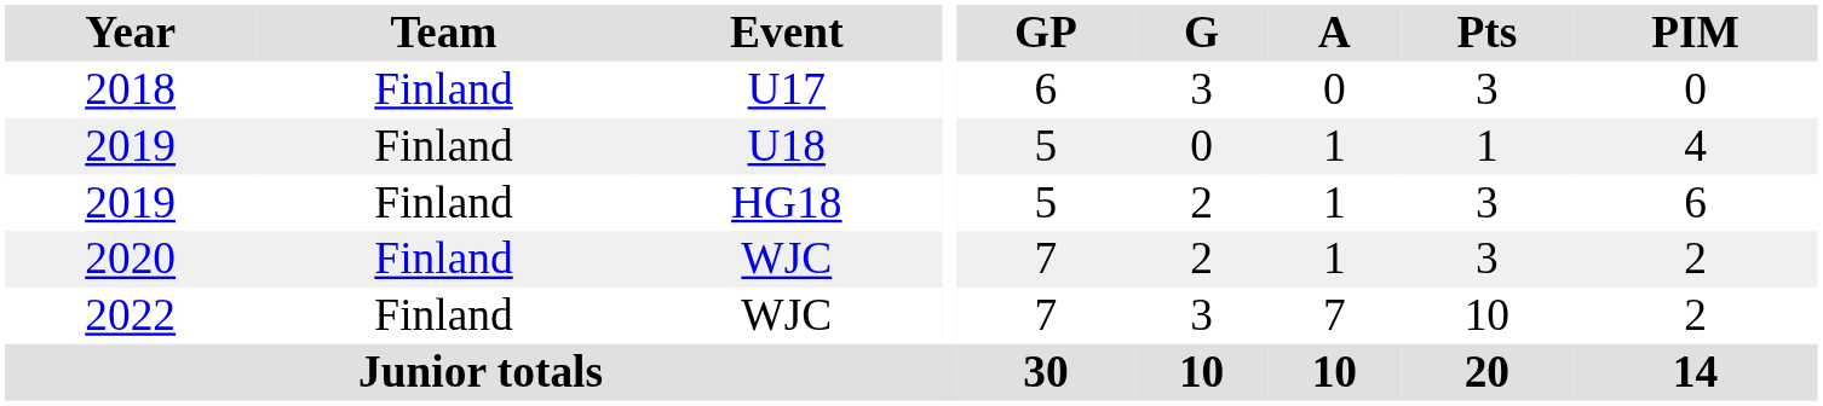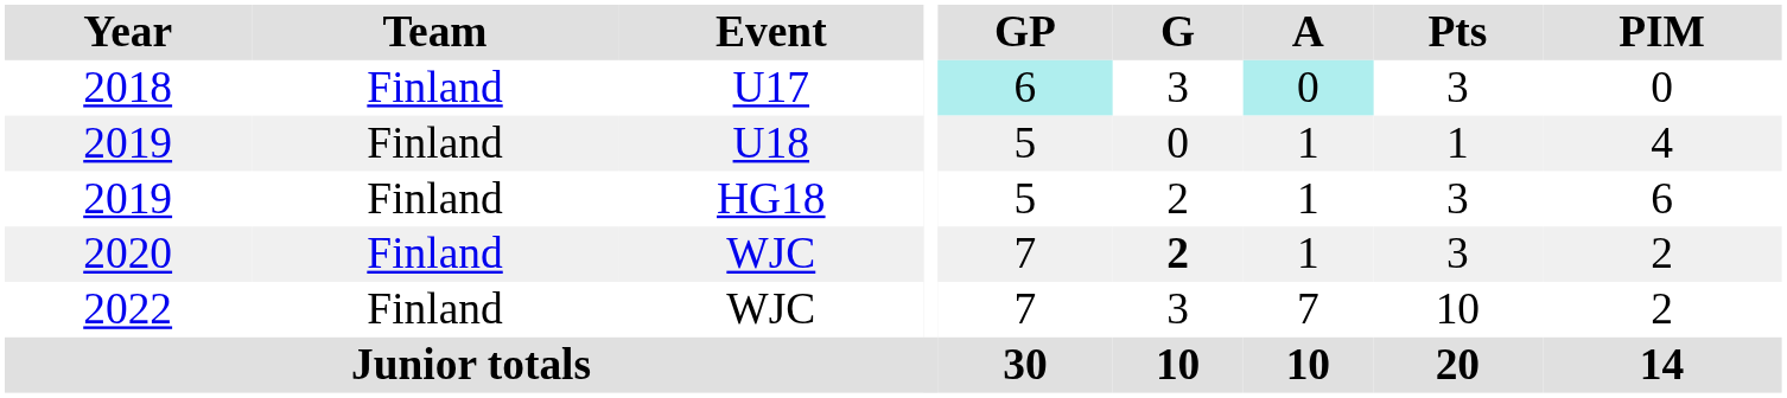 <table border="0" cellpadding="1" cellspacing="0" ID="Table3" style="text-align:center; width:40em">
 <tr bgcolor="#e0e0e0">
 <th>Year</th>
 <th>Team</th>
 <th>Event</th>
 <th rowspan="102" bgcolor="#ffffff"></th>
 <th>GP</th>
 <th>G</th>
 <th>A</th>
 <th>Pts</th>
 <th>PIM</th>
 </tr>
 <tr>
 <td><a href='#'>2018</a></td>
 <td><a href='#'>Finland</a></td>
 <td><a href='#'>U17</a></td>
-<td>6</td>
+<td style="background: paleturquoise;">6</td>
 <td>3</td>
-<td>0</td>
+<td style="background: paleturquoise;">0</td>
 <td>3</td>
 <td>0</td>
 </tr>
 <tr bgcolor="#f0f0f0">
 <td><a href='#'>2019</a></td>
 <td>Finland</td>
 <td><a href='#'>U18</a></td>
 <td>5</td>
 <td>0</td>
 <td>1</td>
 <td>1</td>
 <td>4</td>
 </tr>
 <tr>
 <td><a href='#'>2019</a></td>
 <td>Finland</td>
 <td><a href='#'>HG18</a></td>
 <td>5</td>
 <td>2</td>
 <td>1</td>
 <td>3</td>
 <td>6</td>
 </tr>
 <tr bgcolor="#f0f0f0">
 <td><a href='#'>2020</a></td>
 <td><a href='#'>Finland</a></td>
 <td><a href='#'>WJC</a></td>
 <td>7</td>
-<td>2</td>
+<td><strong>2</strong></td>
 <td>1</td>
 <td>3</td>
 <td>2</td>
 </tr>
 <tr>
 <td><a href='#'>2022</a></td>
 <td>Finland</td>
 <td>WJC</td>
 <td>7</td>
 <td>3</td>
 <td>7</td>
 <td>10</td>
 <td>2</td>
 </tr>
 <tr bgcolor="#e0e0e0">
 <th colspan="4">Junior totals</th>
 <th>30</th>
 <th>10</th>
 <th>10</th>
 <th>20</th>
 <th>14</th>
 </tr>
 </table>
